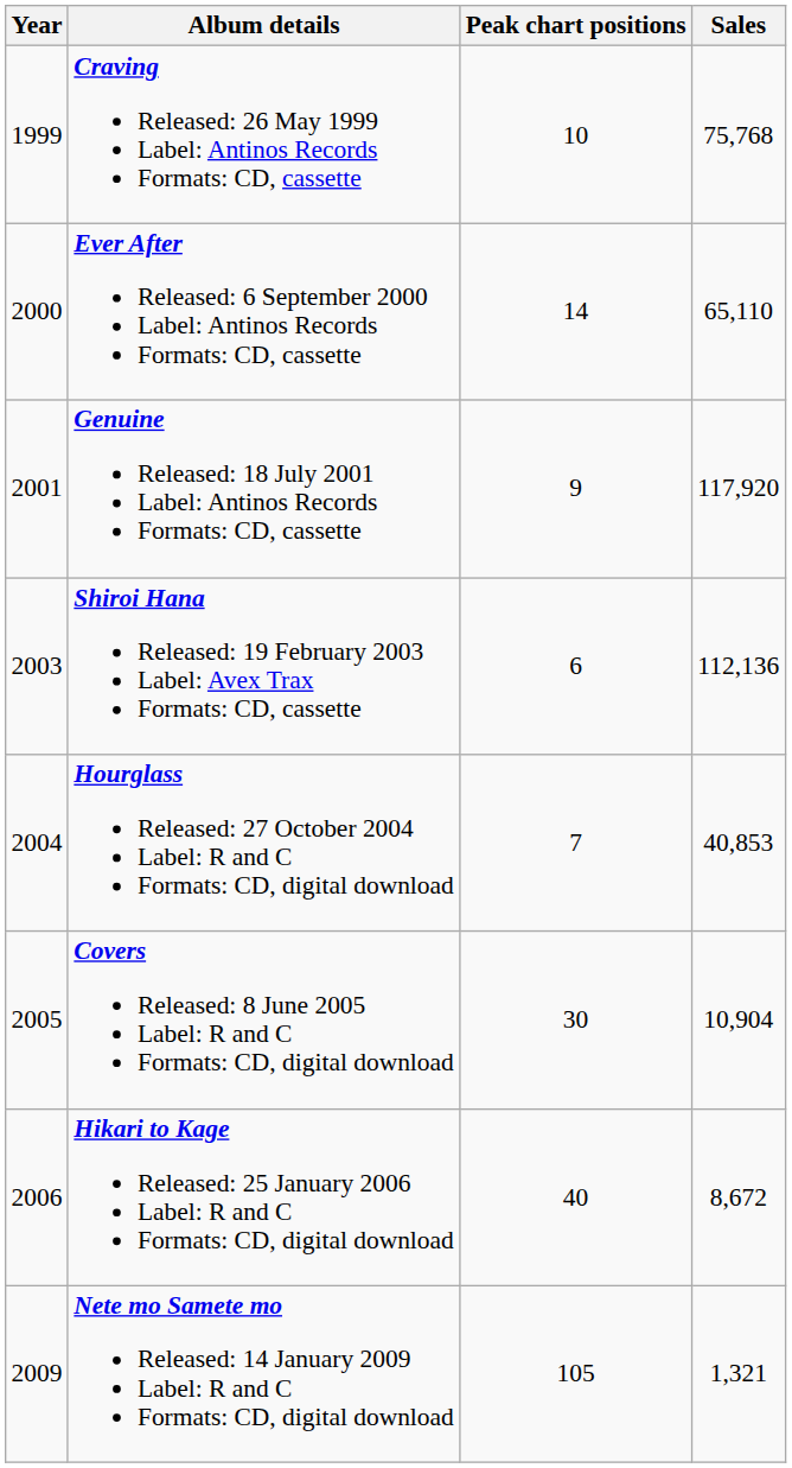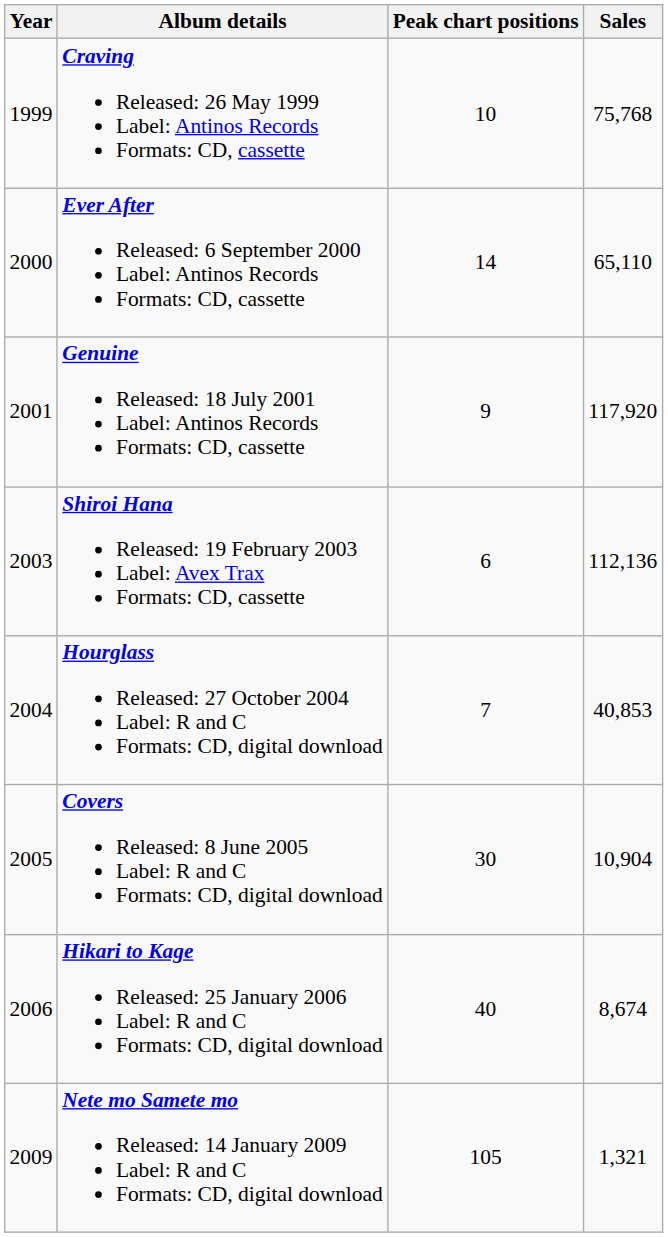 <table class="wikitable">
 <tr>
 <th>Year</th>
 <th>Album details</th>
 <th>Peak chart positions</th>
 <th>Sales</th>
 </tr>
 <tr>
 <td align="center">1999</td>
 <td><strong><em><a href='#'>Craving</a></em></strong><br><ul><li>Released: 26 May 1999</li><li>Label: <a href='#'>Antinos Records</a></li><li>Formats: CD, <a href='#'>cassette</a></li></ul></td>
 <td align="center">10</td>
 <td align="center">75,768</td>
 </tr>
 <tr>
 <td align="center">2000</td>
 <td><strong><em><a href='#'>Ever After</a></em></strong><br><ul><li>Released: 6 September 2000</li><li>Label: Antinos Records</li><li>Formats: CD, cassette</li></ul></td>
 <td align="center">14</td>
 <td align="center">65,110</td>
 </tr>
 <tr>
 <td align="center">2001</td>
 <td><strong><em><a href='#'>Genuine</a></em></strong><br><ul><li>Released: 18 July 2001</li><li>Label: Antinos Records</li><li>Formats: CD, cassette</li></ul></td>
 <td align="center">9</td>
 <td align="center">117,920</td>
 </tr>
 <tr>
 <td align="center">2003</td>
 <td><strong><em><a href='#'>Shiroi Hana</a></em></strong><br><ul><li>Released: 19 February 2003</li><li>Label: <a href='#'>Avex Trax</a></li><li>Formats: CD, cassette</li></ul></td>
 <td align="center">6</td>
 <td align="center">112,136</td>
 </tr>
 <tr>
 <td align="center">2004</td>
 <td><strong><em><a href='#'>Hourglass</a></em></strong><br><ul><li>Released: 27 October 2004</li><li>Label: R and C</li><li>Formats: CD, digital download</li></ul></td>
 <td align="center">7</td>
 <td align="center">40,853</td>
 </tr>
 <tr>
 <td align="center">2005</td>
 <td><strong><em><a href='#'>Covers</a></em></strong><br><ul><li>Released: 8 June 2005</li><li>Label: R and C</li><li>Formats: CD, digital download</li></ul></td>
 <td align="center">30</td>
 <td align="center">10,904</td>
 </tr>
 <tr>
 <td align="center">2006</td>
 <td><strong><em><a href='#'>Hikari to Kage</a></em></strong><br><ul><li>Released: 25 January 2006</li><li>Label: R and C</li><li>Formats: CD, digital download</li></ul></td>
 <td align="center">40</td>
-<td align="center">8,672</td>
+<td align="center">8,674</td>
 </tr>
 <tr>
 <td align="center">2009</td>
 <td><strong><em><a href='#'>Nete mo Samete mo</a></em></strong><br><ul><li>Released: 14 January 2009</li><li>Label: R and C</li><li>Formats: CD, digital download</li></ul></td>
 <td align="center">105</td>
 <td align="center">1,321</td>
 </tr>
 </table>
